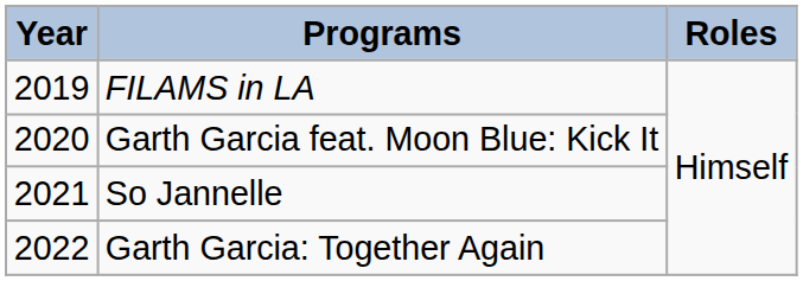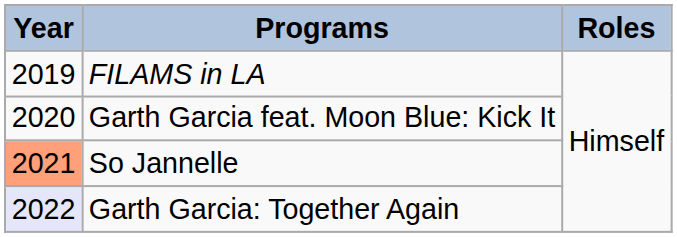 <table class="wikitable" style="font-size: 90%;" border="2" cellpadding="5">
 <tr>
 <th style="background:#B0C4DE;">Year</th>
 <th style="background:#B0C4DE;">Programs</th>
 <th style="background:#B0C4DE;">Roles</th>
 </tr>
 <tr>
 <td>2019</td>
 <td><em>FILAMS in LA</em></td>
 <td rowspan="4">Himself</td>
 </tr>
 <tr>
 <td>2020</td>
 <td>Garth Garcia feat. Moon Blue: Kick It</td>
 </tr>
 <tr>
-<td>2021</td>
+<td style="background: lightsalmon;">2021</td>
 <td>So Jannelle</td>
 </tr>
 <tr>
-<td>2022</td>
+<td style="background: lavender;">2022</td>
 <td>Garth Garcia: Together Again</td>
 </tr>
 </table>
